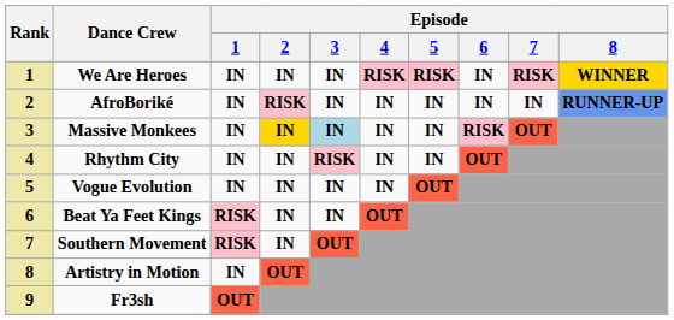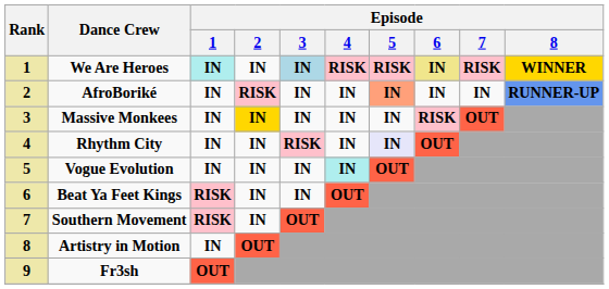 <table class="wikitable" style="margin:1em auto; text-align:center; font-size:85%">
 <tr>
 <th rowspan=2>Rank</th>
 <th rowspan=2>Dance Crew</th>
 <th colspan="18" style="text-align:center;">Episode</th>
 </tr>
 <tr>
 <th><a href='#'>1</a></th>
 <th><a href='#'>2</a></th>
 <th><a href='#'>3</a></th>
 <th><a href='#'>4</a></th>
 <th><a href='#'>5</a></th>
 <th><a href='#'>6</a></th>
 <th><a href='#'>7</a></th>
 <th><a href='#'>8</a></th>
 </tr>
 <tr>
 <td bgcolor="palegoldenrod"><strong>1</strong></td>
 <td><strong>We Are Heroes</strong></td>
+<td style="background: paleturquoise;"><strong>IN</strong></td>
 <td><strong>IN</strong></td>
-<td><strong>IN</strong></td>
-<td><strong>IN</strong></td>
+<td style="background: lightblue;"><strong>IN</strong></td>
 <td style="background:pink;"><strong>RISK</strong></td>
 <td style="background:pink;"><strong>RISK</strong></td>
-<td><strong>IN</strong></td>
+<td style="background: khaki;"><strong>IN</strong></td>
 <td style="background:pink;"><strong>RISK</strong></td>
 <td style="background:gold;"><strong>WINNER</strong></td>
 </tr>
 <tr>
 <td bgcolor="palegoldenrod"><strong>2</strong></td>
 <td><strong>AfroBoriké</strong></td>
 <td><strong>IN</strong></td>
 <td style="background:pink;"><strong>RISK</strong></td>
 <td><strong>IN</strong></td>
 <td><strong>IN</strong></td>
-<td><strong>IN</strong></td>
+<td style="background: lightsalmon;"><strong>IN</strong></td>
 <td><strong>IN</strong></td>
 <td><strong>IN</strong></td>
 <td style="background:cornflowerblue;"><strong>RUNNER-UP</strong></td>
 </tr>
 <tr>
 <td bgcolor="palegoldenrod"><strong>3</strong></td>
 <td><strong>Massive Monkees</strong></td>
 <td><strong>IN</strong></td>
 <td style="background: gold;"><strong>IN</strong></td>
-<td style="background: lightblue;"><strong>IN</strong></td>
+<td><strong>IN</strong></td>
 <td><strong>IN</strong></td>
 <td><strong>IN</strong></td>
 <td style="background:pink;"><strong>RISK</strong></td>
 <td style="background:tomato;"><strong>OUT</strong></td>
 <td style="background:darkgrey;" colspan="2"></td>
 </tr>
 <tr>
 <td bgcolor="palegoldenrod"><strong>4</strong></td>
 <td><strong>Rhythm City</strong></td>
 <td><strong>IN</strong></td>
 <td><strong>IN</strong></td>
 <td style="background:pink;"><strong>RISK</strong></td>
 <td><strong>IN</strong></td>
-<td><strong>IN</strong></td>
+<td style="background: lavender;"><strong>IN</strong></td>
 <td style="background:tomato;"><strong>OUT</strong></td>
 <td style="background:darkgrey;" colspan="3"></td>
 </tr>
 <tr>
 <td bgcolor="palegoldenrod"><strong>5</strong></td>
 <td><strong>Vogue Evolution</strong></td>
 <td><strong>IN</strong></td>
 <td><strong>IN</strong></td>
 <td><strong>IN</strong></td>
-<td><strong>IN</strong></td>
+<td style="background: paleturquoise;"><strong>IN</strong></td>
 <td style="background:tomato;"><strong>OUT</strong></td>
 <td style="background:darkgrey;" colspan="4"></td>
 </tr>
 <tr>
 <td bgcolor="palegoldenrod"><strong>6</strong></td>
 <td><strong>Beat Ya Feet Kings</strong></td>
 <td style="background:pink;"><strong>RISK</strong></td>
 <td><strong>IN</strong></td>
 <td><strong>IN</strong></td>
 <td style="background:tomato;"><strong>OUT</strong></td>
 <td style="background:darkgrey;" colspan="5"></td>
 </tr>
 <tr>
 <td bgcolor="palegoldenrod"><strong>7</strong></td>
 <td><strong>Southern Movement</strong></td>
 <td style="background:pink;"><strong>RISK</strong></td>
 <td><strong>IN</strong></td>
 <td style="background:tomato;"><strong>OUT</strong></td>
 <td style="background:darkgrey;" colspan="6"></td>
 </tr>
 <tr>
 <td bgcolor="palegoldenrod"><strong>8</strong></td>
 <td><strong>Artistry in Motion</strong></td>
 <td><strong>IN</strong></td>
 <td style="background:tomato;"><strong>OUT</strong></td>
 <td style="background:darkgrey;" colspan="7"></td>
 </tr>
 <tr>
 <td bgcolor="palegoldenrod"><strong>9</strong></td>
 <td><strong>Fr3sh</strong></td>
 <td style="background:tomato;"><strong>OUT</strong></td>
 <td style="background:darkgrey;" colspan="8"></td>
 </tr>
 <tr>
 </tr>
 </table>
